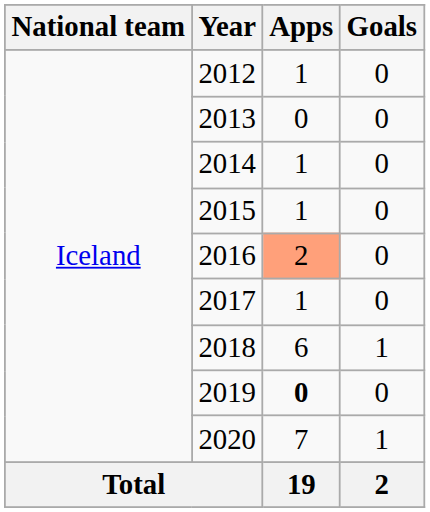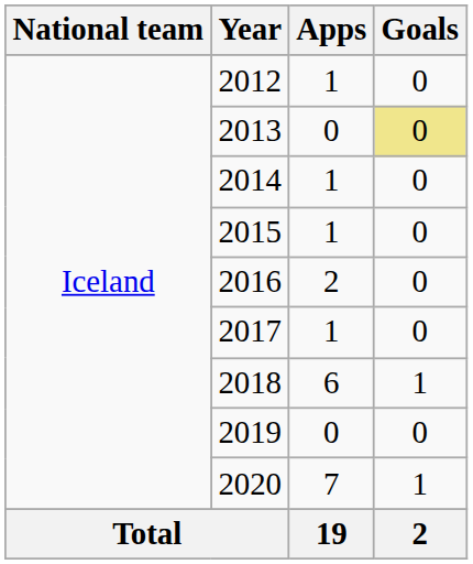 <table class="wikitable" style="text-align:center">
 <tr>
 <th>National team</th>
 <th>Year</th>
 <th>Apps</th>
 <th>Goals</th>
 </tr>
 <tr>
 <td rowspan="9"><a href='#'>Iceland</a></td>
 <td>2012</td>
 <td>1</td>
 <td>0</td>
 </tr>
 <tr>
 <td>2013</td>
 <td>0</td>
-<td>0</td>
+<td style="background: khaki;">0</td>
 </tr>
 <tr>
 <td>2014</td>
 <td>1</td>
 <td>0</td>
 </tr>
 <tr>
 <td>2015</td>
 <td>1</td>
 <td>0</td>
 </tr>
 <tr>
 <td>2016</td>
-<td style="background: lightsalmon;">2</td>
+<td>2</td>
 <td>0</td>
 </tr>
 <tr>
 <td>2017</td>
 <td>1</td>
 <td>0</td>
 </tr>
 <tr>
 <td>2018</td>
 <td>6</td>
 <td>1</td>
 </tr>
 <tr>
 <td>2019</td>
-<td><strong>0</strong></td>
+<td>0</td>
 <td>0</td>
 </tr>
 <tr>
 <td>2020</td>
 <td>7</td>
 <td>1</td>
 </tr>
 <tr>
 <th colspan="2">Total</th>
 <th>19</th>
 <th>2</th>
 </tr>
 </table>
